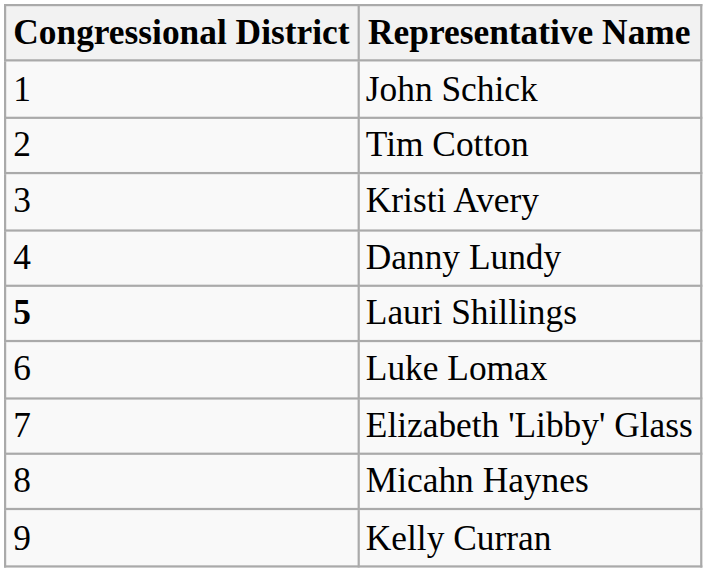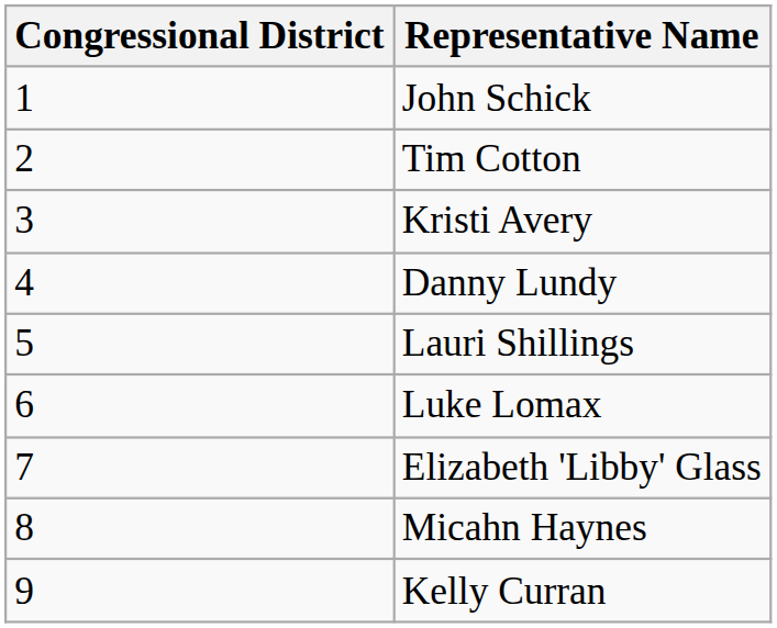 <table class="wikitable">
 <tr>
 <th>Congressional District</th>
 <th>Representative Name</th>
 </tr>
 <tr>
 <td>1</td>
 <td>John Schick </td>
 </tr>
 <tr>
 <td>2</td>
 <td>Tim Cotton </td>
 </tr>
 <tr>
 <td>3</td>
 <td>Kristi Avery </td>
 </tr>
 <tr>
 <td>4</td>
 <td>Danny Lundy </td>
 </tr>
 <tr>
-<td><strong>5</strong></td>
+<td>5</td>
 <td>Lauri Shillings </td>
 </tr>
 <tr>
 <td>6</td>
 <td>Luke Lomax </td>
 </tr>
 <tr>
 <td>7</td>
 <td>Elizabeth 'Libby' Glass</td>
 </tr>
 <tr>
 <td>8</td>
 <td>Micahn Haynes </td>
 </tr>
 <tr>
 <td>9</td>
 <td>Kelly Curran </td>
 </tr>
 </table>
